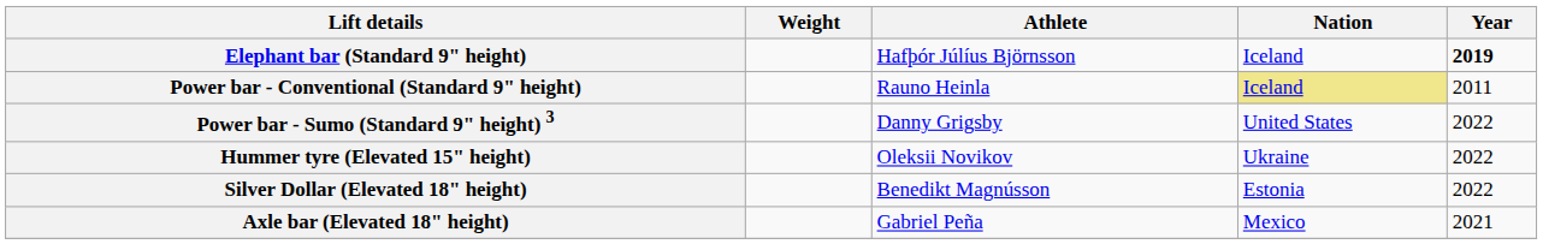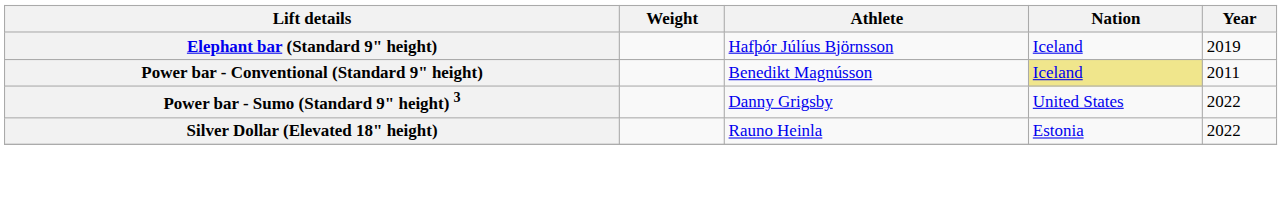 <table class="wikitable sortable" style="display: inline-table;width: 95%;">
 <tr>
 <th>Lift details</th>
 <th>Weight</th>
 <th>Athlete</th>
 <th>Nation</th>
 <th>Year</th>
 </tr>
 <tr>
 <th><a href='#'>Elephant bar</a> (Standard 9" height)</th>
 <td></td>
 <td><a href='#'>Hafþór Júlíus Björnsson</a></td>
 <td> <a href='#'>Iceland</a></td>
-<td><strong>2019</strong></td>
+<td>2019</td>
 </tr>
 <tr>
 <th>Power bar - Conventional (Standard 9" height)</th>
 <td></td>
-<td><a href='#'>Rauno Heinla</a></td>
+<td><a href='#'>Benedikt Magnússon</a></td>
 <td style="background: khaki;"> <a href='#'>Iceland</a></td>
 <td>2011</td>
 </tr>
 <tr>
 <th>Power bar - Sumo (Standard 9" height) <sup> 3 </sup></th>
 <td></td>
 <td><a href='#'>Danny Grigsby</a></td>
 <td> <a href='#'>United States</a></td>
 <td>2022</td>
 </tr>
 <tr>
-<th>Hummer tyre (Elevated 15" height)</th>
-<td></td>
-<td><a href='#'>Oleksii Novikov</a></td>
-<td> <a href='#'>Ukraine</a></td>
-<td>2022</td>
-</tr>
-<tr>
 <th>Silver Dollar (Elevated 18" height)</th>
 <td></td>
-<td><a href='#'>Benedikt Magnússon</a></td>
+<td><a href='#'>Rauno Heinla</a></td>
 <td> <a href='#'>Estonia</a></td>
 <td>2022</td>
 </tr>
 <tr>
-<th>Axle bar (Elevated 18" height)</th>
-<td></td>
-<td><a href='#'>Gabriel Peña</a></td>
-<td> <a href='#'>Mexico</a></td>
-<td>2021</td>
-</tr>
-<tr>
 </tr>
 </table>
